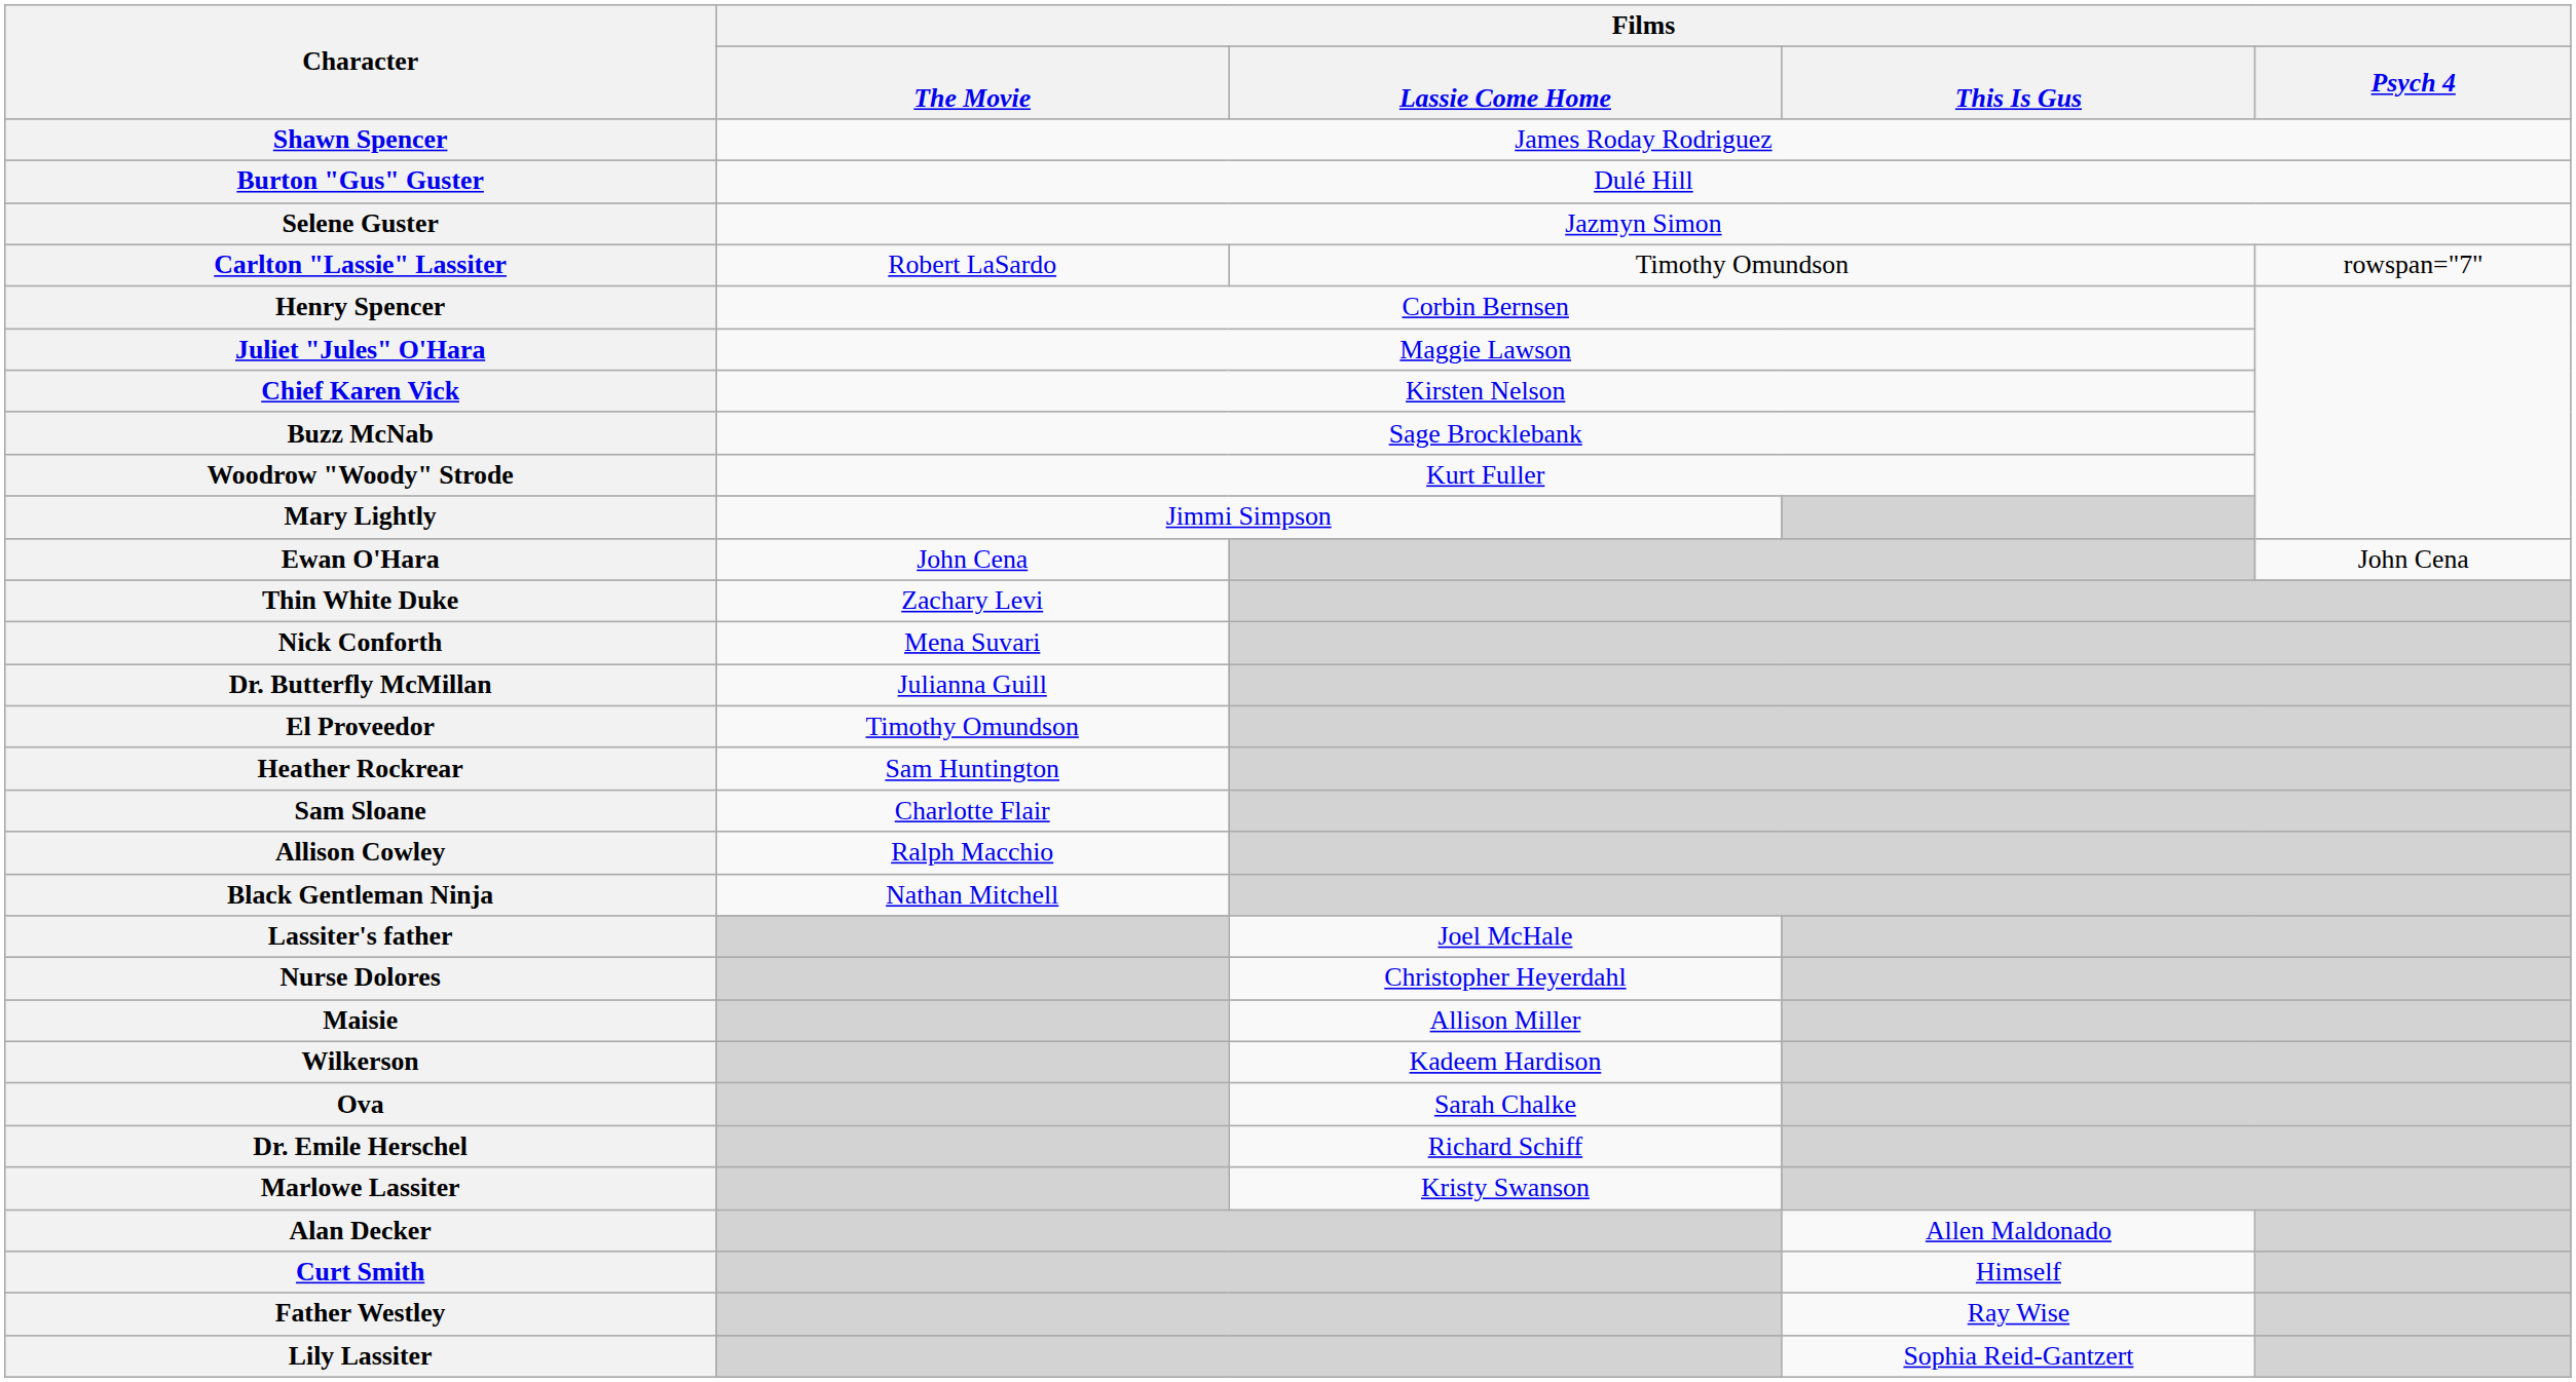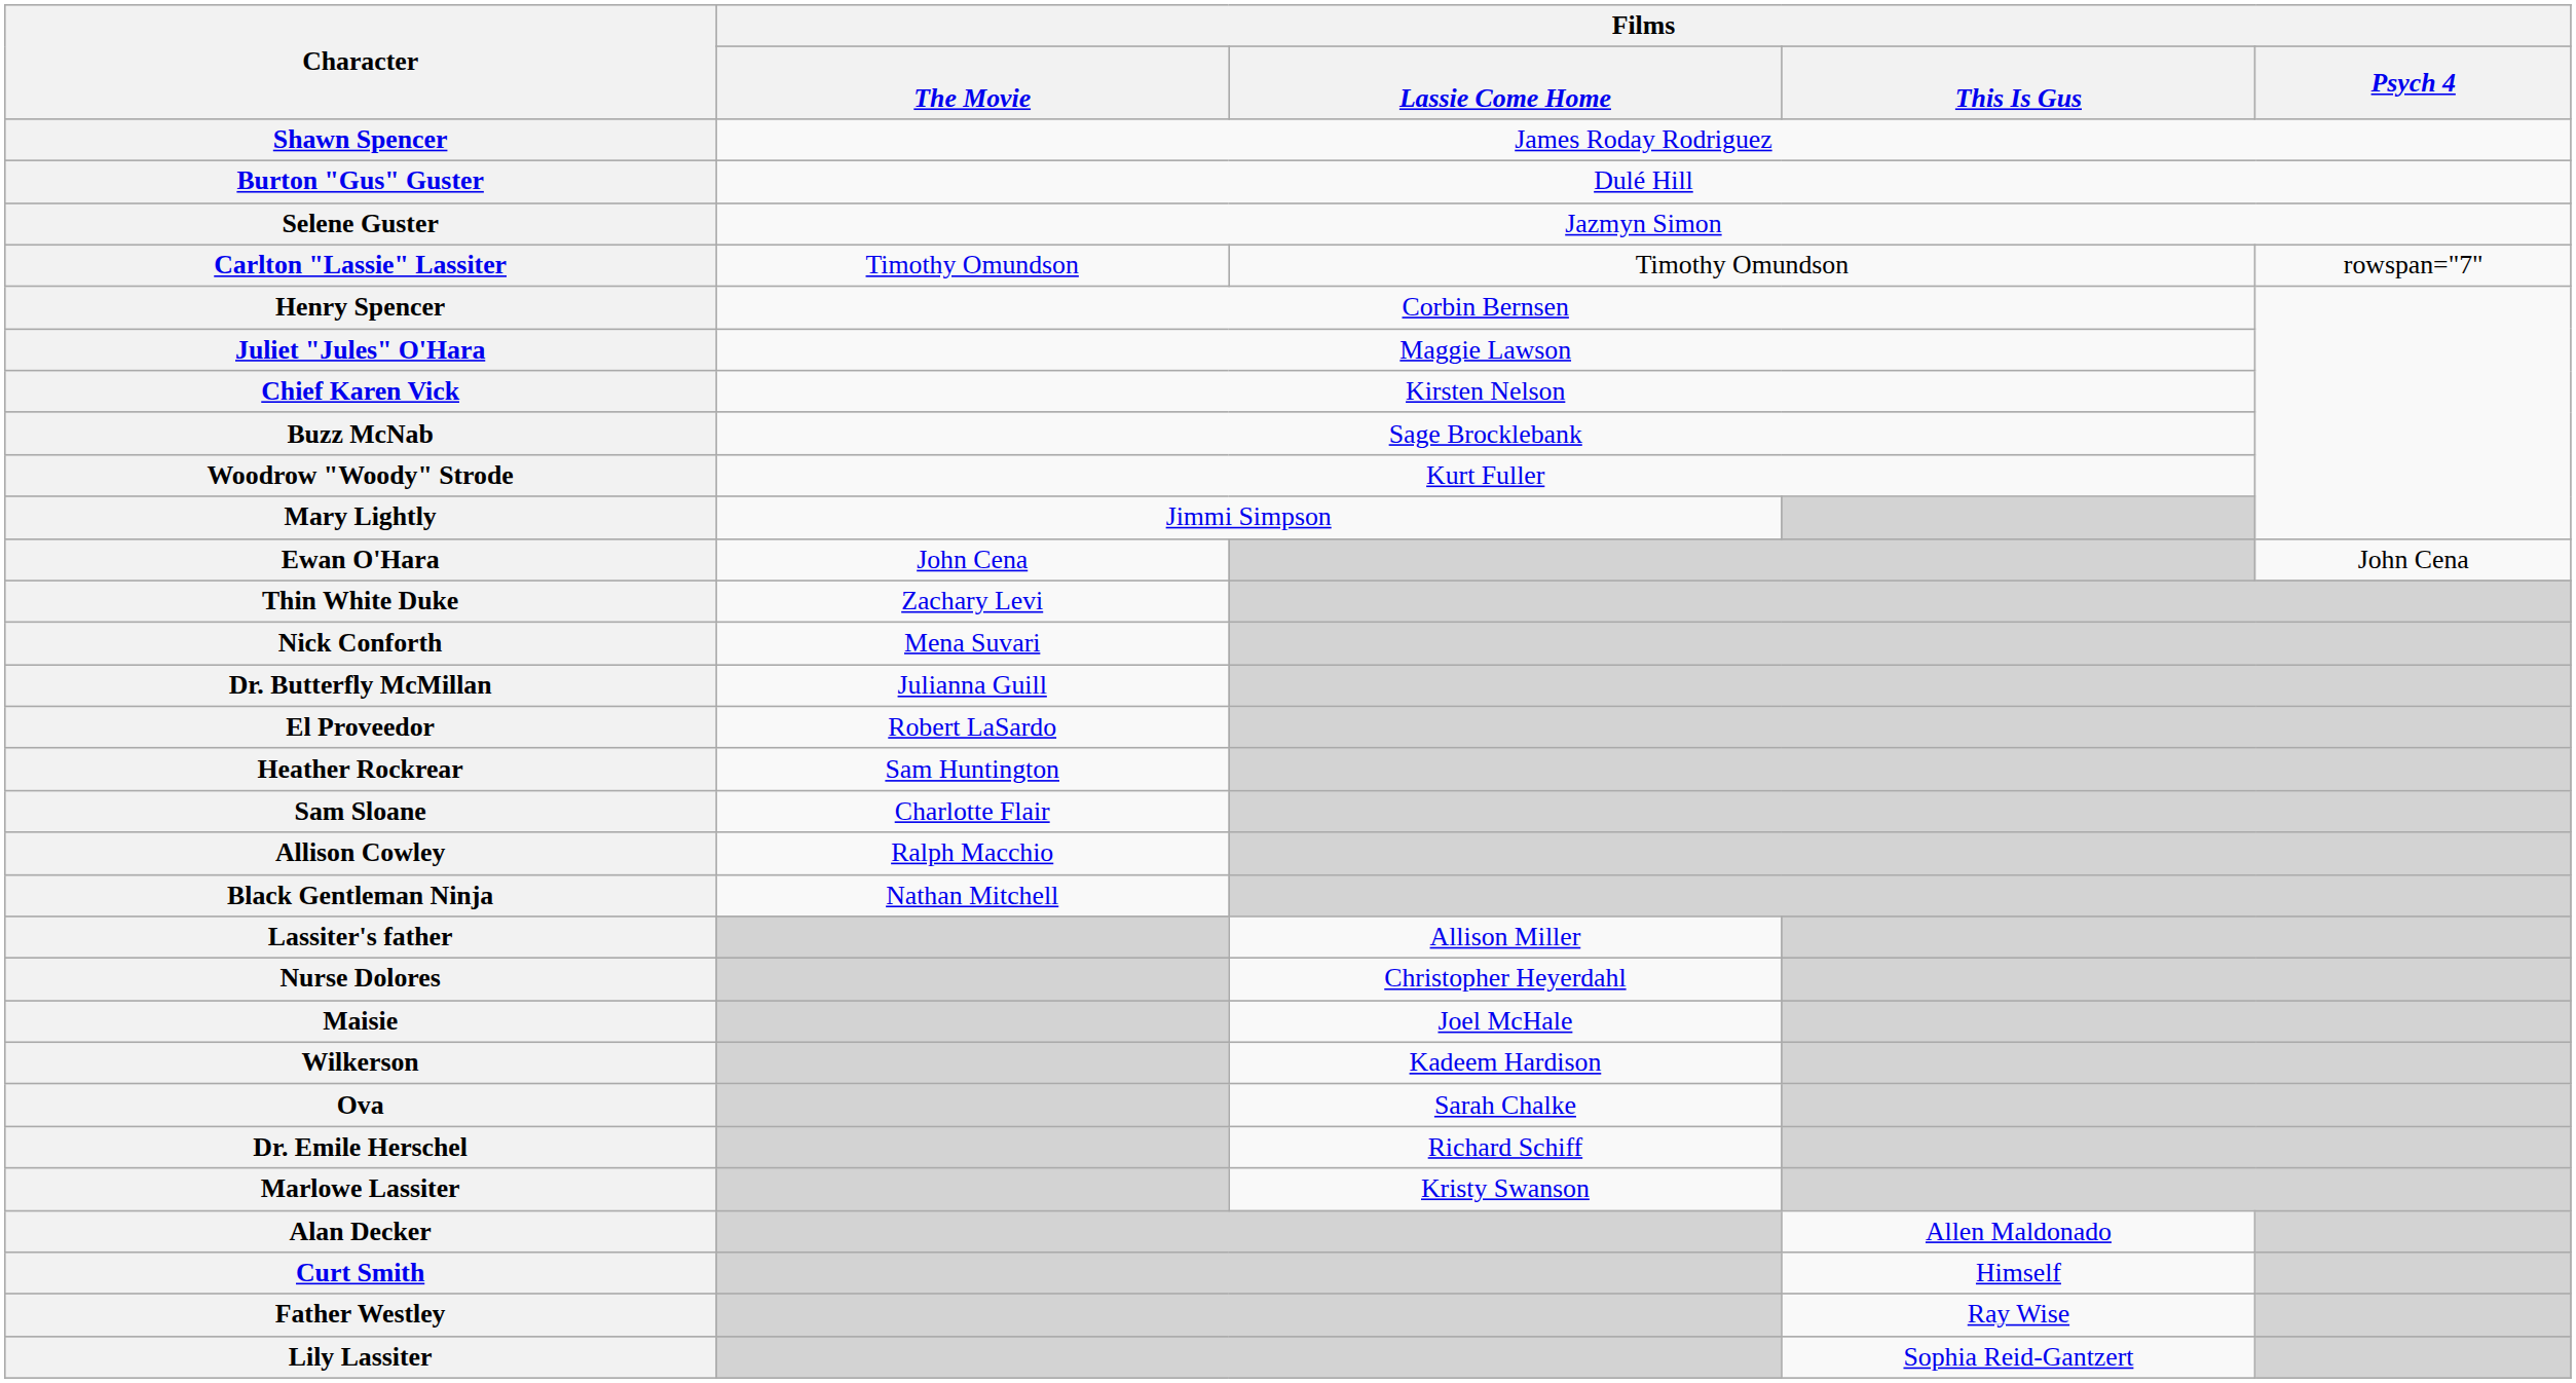 <table class="wikitable" style="text-align:center; width:98%;">
 <tr>
 <th rowspan="2" width="18%">Character</th>
 <th colspan="4" align="center">Films</th>
 </tr>
 <tr>
 <th width="13%"><a href='#'><em><br>The Movie</em></a></th>
 <th width="14%"><a href='#'><em><br>Lassie Come Home</em></a></th>
 <th width="12%"><a href='#'><em><br>This Is Gus</em></a></th>
 <th width="8%"><a href='#'><em>Psych 4</em></a></th>
 </tr>
 <tr>
 <th><a href='#'>Shawn Spencer</a></th>
 <td colspan="4"><a href='#'>James Roday Rodriguez</a></td>
 </tr>
 <tr>
 <th><a href='#'>Burton "Gus" Guster</a></th>
 <td colspan="4"><a href='#'>Dulé Hill</a></td>
 </tr>
 <tr>
 <th>Selene Guster</th>
 <td colspan="4"><a href='#'>Jazmyn Simon</a></td>
 </tr>
 <tr>
 <th><a href='#'>Carlton "Lassie" Lassiter</a></th>
-<td><a href='#'>Robert LaSardo</a></td>
+<td><a href='#'>Timothy Omundson</a></td>
 <td colspan="2">Timothy Omundson</td>
 <td>rowspan="7" </td>
 </tr>
 <tr>
 <th>Henry Spencer</th>
 <td colspan="3"><a href='#'>Corbin Bernsen</a></td>
 </tr>
 <tr>
 <th><a href='#'>Juliet "Jules" O'Hara</a></th>
 <td colspan="3"><a href='#'>Maggie Lawson</a></td>
 </tr>
 <tr>
 <th><a href='#'>Chief Karen Vick</a></th>
 <td colspan="3"><a href='#'>Kirsten Nelson</a></td>
 </tr>
 <tr>
 <th>Buzz McNab</th>
 <td colspan="3"><a href='#'>Sage Brocklebank</a></td>
 </tr>
 <tr>
 <th>Woodrow "Woody" Strode</th>
 <td colspan="3"><a href='#'>Kurt Fuller</a></td>
 </tr>
 <tr>
 <th>Mary Lightly</th>
 <td colspan="2"><a href='#'>Jimmi Simpson</a></td>
 <td style="background-color:lightgrey;"> </td>
 </tr>
 <tr>
 <th>Ewan O'Hara</th>
 <td><a href='#'>John Cena</a></td>
 <td colspan="2" style="background-color:lightgrey;"> </td>
 <td>John Cena</td>
 </tr>
 <tr>
 <th>Thin White Duke</th>
 <td><a href='#'>Zachary Levi</a></td>
 <td colspan="3" style="background-color:lightgrey;"> </td>
 </tr>
 <tr>
 <th>Nick Conforth</th>
 <td><a href='#'>Mena Suvari</a></td>
 <td colspan="3" style="background-color:lightgrey;"> </td>
 </tr>
 <tr>
 <th>Dr. Butterfly McMillan</th>
 <td><a href='#'>Julianna Guill</a></td>
 <td colspan="3" style="background-color:lightgrey;"> </td>
 </tr>
 <tr>
 <th>El Proveedor</th>
-<td><a href='#'>Timothy Omundson</a></td>
+<td><a href='#'>Robert LaSardo</a></td>
 <td colspan="3" style="background-color:lightgrey;"> </td>
 </tr>
 <tr>
 <th>Heather Rockrear</th>
 <td><a href='#'>Sam Huntington</a></td>
 <td colspan="3" style="background-color:lightgrey;"> </td>
 </tr>
 <tr>
 <th>Sam Sloane</th>
 <td><a href='#'>Charlotte Flair</a></td>
 <td colspan="3" style="background-color:lightgrey;"> </td>
 </tr>
 <tr>
 <th>Allison Cowley</th>
 <td><a href='#'>Ralph Macchio</a></td>
 <td colspan="3" style="background-color:lightgrey;"> </td>
 </tr>
 <tr>
 <th>Black Gentleman Ninja</th>
 <td><a href='#'>Nathan Mitchell</a></td>
 <td colspan="3" style="background-color:lightgrey;"> </td>
 </tr>
 <tr>
 <th>Lassiter's father</th>
 <td style="background-color:lightgrey;"> </td>
-<td><a href='#'>Joel McHale</a></td>
+<td><a href='#'>Allison Miller</a></td>
 <td colspan="2" style="background-color:lightgrey;"> </td>
 </tr>
 <tr>
 <th>Nurse Dolores</th>
 <td style="background-color:lightgrey;"> </td>
 <td><a href='#'>Christopher Heyerdahl</a></td>
 <td colspan="2" style="background-color:lightgrey;"> </td>
 </tr>
 <tr>
 <th>Maisie</th>
 <td style="background-color:lightgrey;"> </td>
-<td><a href='#'>Allison Miller</a></td>
+<td><a href='#'>Joel McHale</a></td>
 <td colspan="2" style="background-color:lightgrey;"> </td>
 </tr>
 <tr>
 <th>Wilkerson</th>
 <td style="background-color:lightgrey;"> </td>
 <td><a href='#'>Kadeem Hardison</a></td>
 <td colspan="2" style="background-color:lightgrey;"> </td>
 </tr>
 <tr>
 <th>Ova</th>
 <td style="background-color:lightgrey;"> </td>
 <td><a href='#'>Sarah Chalke</a></td>
 <td colspan="2" style="background-color:lightgrey;"> </td>
 </tr>
 <tr>
 <th>Dr. Emile Herschel</th>
 <td style="background-color:lightgrey;"> </td>
 <td><a href='#'>Richard Schiff</a></td>
 <td colspan="2" style="background-color:lightgrey;"> </td>
 </tr>
 <tr>
 <th>Marlowe Lassiter</th>
 <td style="background-color:lightgrey;"> </td>
 <td><a href='#'>Kristy Swanson</a></td>
 <td colspan="2" style="background-color:lightgrey;"> </td>
 </tr>
 <tr>
 <th>Alan Decker</th>
 <td colspan="2" style="background-color:lightgrey;"> </td>
 <td><a href='#'>Allen Maldonado</a></td>
 <td style="background-color:lightgrey;"> </td>
 </tr>
 <tr>
 <th><a href='#'>Curt Smith</a></th>
 <td colspan="2" style="background-color:lightgrey;"> </td>
 <td><a href='#'>Himself</a></td>
 <td style="background-color:lightgrey;"> </td>
 </tr>
 <tr>
 <th>Father Westley</th>
 <td colspan="2" style="background-color:lightgrey;"> </td>
 <td><a href='#'>Ray Wise</a></td>
 <td style="background-color:lightgrey;"> </td>
 </tr>
 <tr>
 <th>Lily Lassiter</th>
 <td colspan="2" style="background-color:lightgrey;"> </td>
 <td><a href='#'>Sophia Reid-Gantzert</a></td>
 <td style="background-color:lightgrey;"> </td>
 </tr>
 </table>
